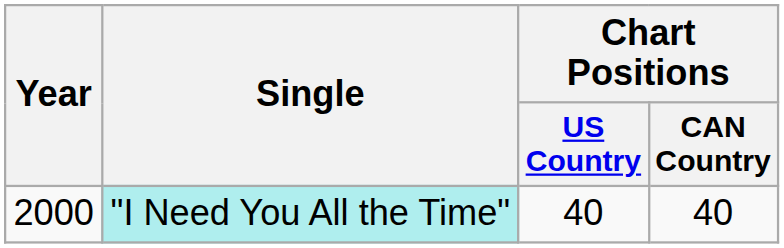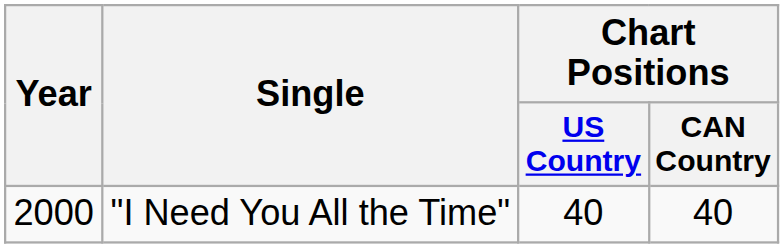 <table class="wikitable" style="text-align:center;">
 <tr>
 <th rowspan="2">Year</th>
 <th rowspan="2">Single</th>
 <th colspan="2">Chart Positions</th>
 </tr>
 <tr style="font-size:smaller;">
 <th width="45"><a href='#'>US Country</a></th>
 <th width="45">CAN Country</th>
 </tr>
 <tr>
 <td>2000</td>
-<td align="left" style="background: paleturquoise;">"I Need You All the Time"</td>
+<td align="left">"I Need You All the Time"</td>
 <td>40</td>
 <td>40</td>
 </tr>
 </table>
